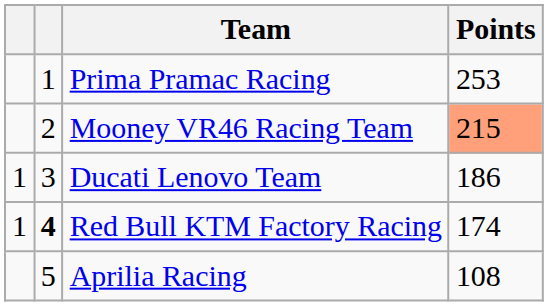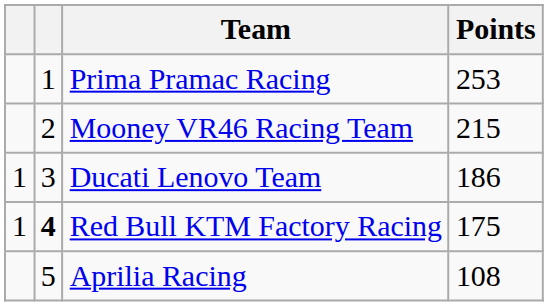 <table class="wikitable" style="font-size: 95%;">
 <tr>
 <th></th>
 <th></th>
 <th>Team</th>
 <th>Points</th>
 </tr>
 <tr>
 <td></td>
 <td align=center>1</td>
 <td> <a href='#'>Prima Pramac Racing</a></td>
 <td align=left>253</td>
 </tr>
 <tr>
 <td></td>
 <td align=center>2</td>
 <td> <a href='#'>Mooney VR46 Racing Team</a></td>
-<td align=left style="background: lightsalmon;">215</td>
+<td align=left>215</td>
 </tr>
 <tr>
 <td> 1</td>
 <td align=center>3</td>
 <td> <a href='#'>Ducati Lenovo Team</a></td>
 <td align=left>186</td>
 </tr>
 <tr>
 <td> 1</td>
 <td align=center><strong>4</strong></td>
 <td> <a href='#'>Red Bull KTM Factory Racing</a></td>
-<td align=left>174</td>
+<td align=left>175</td>
 </tr>
 <tr>
 <td></td>
 <td align=center>5</td>
 <td> <a href='#'>Aprilia Racing</a></td>
 <td align=left>108</td>
 </tr>
 </table>
